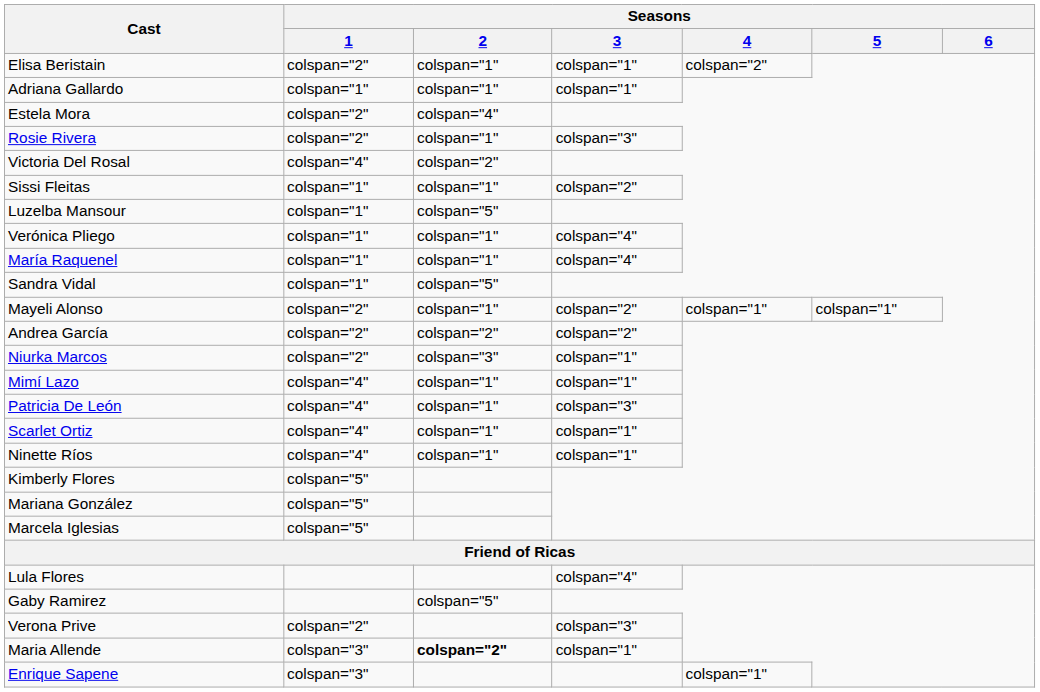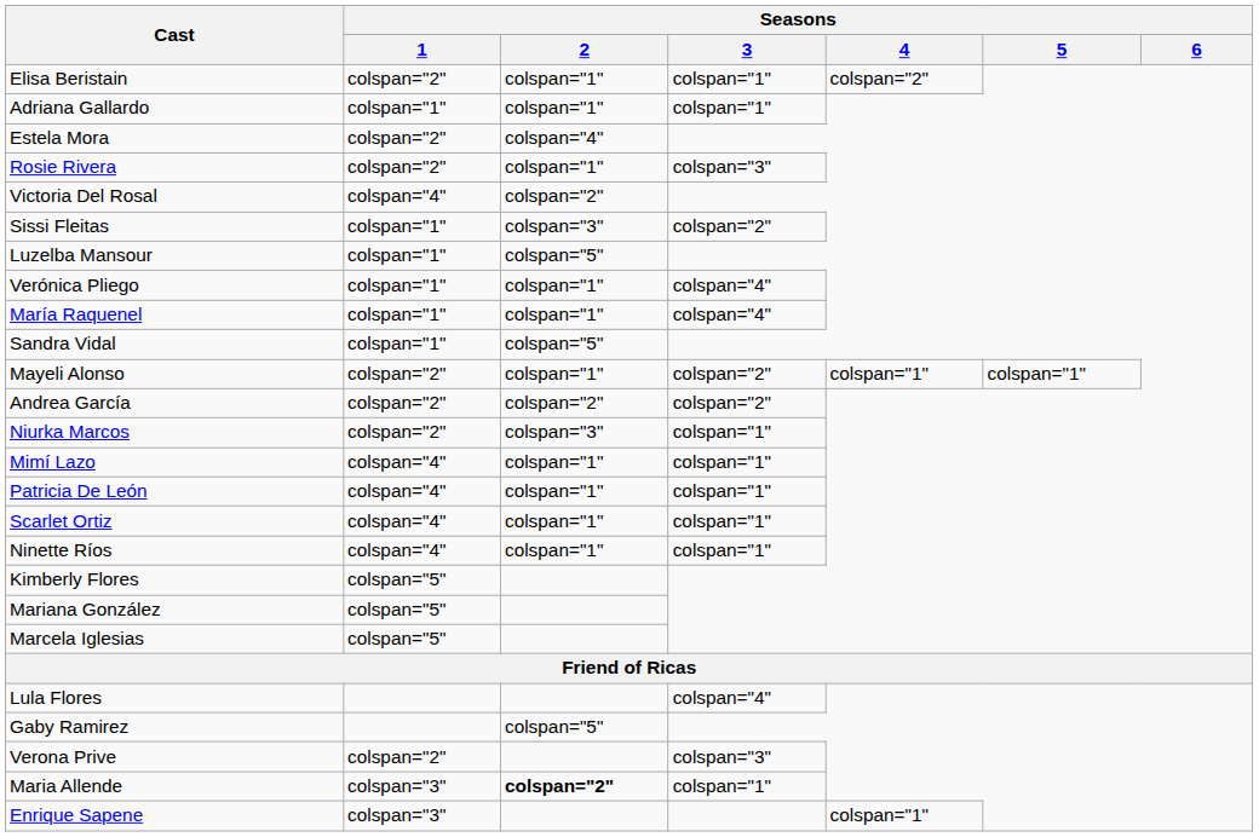 <table class="wikitable plainrowheaders" style="width:85%;">
 <tr>
 <th rowspan="2" style="width:15%;">Cast</th>
 <th colspan="6">Seasons</th>
 </tr>
 <tr>
 <th style="width:5%;"><a href='#'>1</a></th>
 <th style="width:5%;"><a href='#'>2</a></th>
 <th style="width:5%;"><a href='#'>3</a></th>
 <th style="width:5%;"><a href='#'>4</a></th>
 <th style="width:5%;"><a href='#'>5</a></th>
 <th style="width:5%;"><a href='#'>6</a></th>
 </tr>
 <tr>
 <td>Elisa Beristain</td>
 <td>colspan="2" </td>
 <td>colspan="1" </td>
 <td>colspan="1" </td>
 <td>colspan="2" </td>
 </tr>
 <tr>
 <td>Adriana Gallardo</td>
 <td>colspan="1" </td>
 <td>colspan="1" </td>
 <td>colspan="1" </td>
 </tr>
 <tr>
 <td>Estela Mora</td>
 <td>colspan="2" </td>
 <td>colspan="4" </td>
 </tr>
 <tr>
 <td nowrap=""><a href='#'>Rosie Rivera</a></td>
 <td>colspan="2" </td>
 <td>colspan="1" </td>
 <td>colspan="3" </td>
 </tr>
 <tr>
 <td>Victoria Del Rosal</td>
 <td>colspan="4" </td>
 <td>colspan="2" </td>
 </tr>
 <tr>
 <td>Sissi Fleitas</td>
 <td>colspan="1" </td>
-<td>colspan="1" </td>
+<td>colspan="3" </td>
 <td>colspan="2" </td>
 </tr>
 <tr>
 <td>Luzelba Mansour</td>
 <td>colspan="1" </td>
 <td>colspan="5" </td>
 </tr>
 <tr>
 <td>Verónica Pliego</td>
 <td>colspan="1" </td>
 <td>colspan="1" </td>
 <td>colspan="4" </td>
 </tr>
 <tr>
 <td><a href='#'>María Raquenel</a></td>
 <td>colspan="1" </td>
 <td>colspan="1" </td>
 <td>colspan="4" </td>
 </tr>
 <tr>
 <td>Sandra Vidal</td>
 <td>colspan="1" </td>
 <td>colspan="5" </td>
 </tr>
 <tr>
 <td>Mayeli Alonso</td>
 <td>colspan="2" </td>
 <td>colspan="1" </td>
 <td>colspan="2" </td>
 <td>colspan="1" </td>
 <td>colspan="1" </td>
 </tr>
 <tr>
 <td>Andrea García</td>
 <td>colspan="2" </td>
 <td>colspan="2" </td>
 <td>colspan="2" </td>
 </tr>
 <tr>
 <td><a href='#'>Niurka Marcos</a></td>
 <td>colspan="2" </td>
 <td>colspan="3" </td>
 <td>colspan="1" </td>
 </tr>
 <tr>
 <td><a href='#'>Mimí Lazo</a></td>
 <td>colspan="4" </td>
 <td>colspan="1" </td>
 <td>colspan="1" </td>
 </tr>
 <tr>
 <td nowrap=""><a href='#'>Patricia De León</a></td>
 <td>colspan="4" </td>
 <td>colspan="1" </td>
-<td>colspan="3" </td>
+<td>colspan="1" </td>
 </tr>
 <tr>
 <td><a href='#'>Scarlet Ortiz</a></td>
 <td>colspan="4" </td>
 <td>colspan="1" </td>
 <td>colspan="1" </td>
 </tr>
 <tr>
 <td>Ninette Ríos</td>
 <td>colspan="4" </td>
 <td>colspan="1" </td>
 <td>colspan="1" </td>
 </tr>
 <tr>
 <td>Kimberly Flores</td>
 <td>colspan="5" </td>
 <td></td>
 </tr>
 <tr>
 <td nowrap="">Mariana González</td>
 <td>colspan="5" </td>
 <td></td>
 </tr>
 <tr>
 <td nowrap="">Marcela Iglesias</td>
 <td>colspan="5" </td>
 <td></td>
 </tr>
 <tr>
 <th colspan="7">Friend of Ricas</th>
 </tr>
 <tr>
 <td>Lula Flores</td>
 <td></td>
 <td></td>
 <td>colspan="4" </td>
 </tr>
 <tr>
 <td>Gaby Ramirez</td>
 <td></td>
 <td>colspan="5" </td>
 </tr>
 <tr>
 <td>Verona Prive</td>
 <td>colspan="2" </td>
 <td></td>
 <td>colspan="3" </td>
 </tr>
 <tr>
 <td>Maria Allende</td>
 <td>colspan="3" </td>
 <td><strong>colspan="2" </strong></td>
 <td>colspan="1" </td>
 </tr>
 <tr>
 <td><a href='#'>Enrique Sapene</a></td>
 <td>colspan="3" </td>
 <td></td>
 <td></td>
 <td>colspan="1" </td>
 </tr>
 </table>
